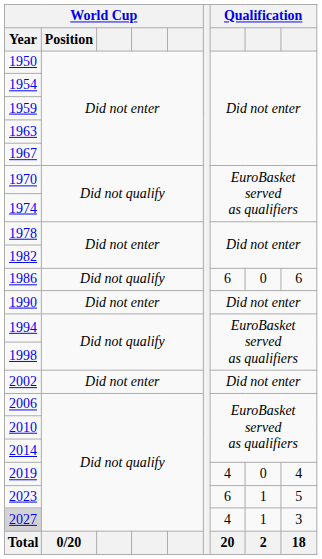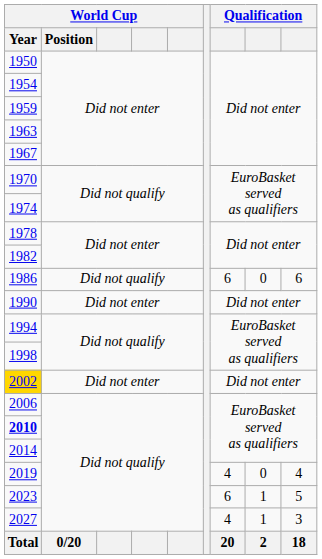 <table class="wikitable" style="text-align: center;font-size:90%;">
 <tr>
 <th colspan=5><a href='#'>World Cup</a></th>
 <th rowspan=23></th>
 <th colspan=3><a href='#'>Qualification</a></th>
 </tr>
 <tr>
 <th>Year</th>
 <th>Position</th>
 <th width=30></th>
 <th width=30></th>
 <th width=30></th>
 <th width=30></th>
 <th width=30></th>
 <th width=30></th>
 </tr>
 <tr>
 <td> <a href='#'>1950</a></td>
 <td colspan=4 rowspan=5><em>Did not enter</em></td>
 <td colspan=3 rowspan=5><em>Did not enter</em></td>
 </tr>
 <tr>
 <td> <a href='#'>1954</a></td>
 </tr>
 <tr>
 <td> <a href='#'>1959</a></td>
 </tr>
 <tr>
 <td> <a href='#'>1963</a></td>
 </tr>
 <tr>
 <td> <a href='#'>1967</a></td>
 </tr>
 <tr>
 <td> <a href='#'>1970</a></td>
 <td colspan=4 rowspan=2><em>Did not qualify</em></td>
 <td colspan=3 rowspan=2><em>EuroBasket served<br>as qualifiers</em></td>
 </tr>
 <tr>
 <td> <a href='#'>1974</a></td>
 </tr>
 <tr>
 <td> <a href='#'>1978</a></td>
 <td colspan=4 rowspan=2><em>Did not enter</em></td>
 <td colspan=3 rowspan=2><em>Did not enter</em></td>
 </tr>
 <tr>
 <td> <a href='#'>1982</a></td>
 </tr>
 <tr>
 <td> <a href='#'>1986</a></td>
 <td colspan=4><em>Did not qualify</em></td>
 <td>6</td>
 <td>0</td>
 <td>6</td>
 </tr>
 <tr>
 <td> <a href='#'>1990</a></td>
 <td colspan=4><em>Did not enter</em></td>
 <td colspan=3><em>Did not enter</em></td>
 </tr>
 <tr>
 <td> <a href='#'>1994</a></td>
 <td colspan=4 rowspan=2><em>Did not qualify</em></td>
 <td colspan=3 rowspan=2><em>EuroBasket served<br>as qualifiers</em></td>
 </tr>
 <tr>
 <td> <a href='#'>1998</a></td>
 </tr>
 <tr>
-<td> <a href='#'>2002</a></td>
+<td style="background: gold;"> <a href='#'>2002</a></td>
 <td colspan=4><em>Did not enter</em></td>
 <td colspan=3><em>Did not enter</em></td>
 </tr>
 <tr>
 <td> <a href='#'>2006</a></td>
 <td colspan=4 rowspan=6><em>Did not qualify</em></td>
 <td colspan=3 rowspan=3><em>EuroBasket served<br>as qualifiers</em></td>
 </tr>
 <tr>
-<td> <a href='#'>2010</a></td>
+<td><strong> <a href='#'>2010</a></strong></td>
 </tr>
 <tr>
 <td> <a href='#'>2014</a></td>
 </tr>
 <tr>
 <td> <a href='#'>2019</a></td>
 <td>4</td>
 <td>0</td>
 <td>4</td>
 </tr>
 <tr>
 <td> <a href='#'>2023</a></td>
 <td>6</td>
 <td>1</td>
 <td>5</td>
 </tr>
 <tr>
-<td style="background: lightgrey;"> <a href='#'>2027</a></td>
+<td> <a href='#'>2027</a></td>
 <td>4</td>
 <td>1</td>
 <td>3</td>
 </tr>
 <tr>
 <th>Total</th>
 <th>0/20</th>
 <th></th>
 <th></th>
 <th></th>
 <th>20</th>
 <th>2</th>
 <th>18</th>
 </tr>
 </table>
